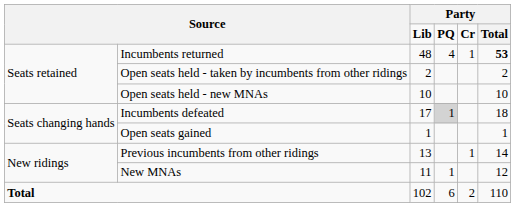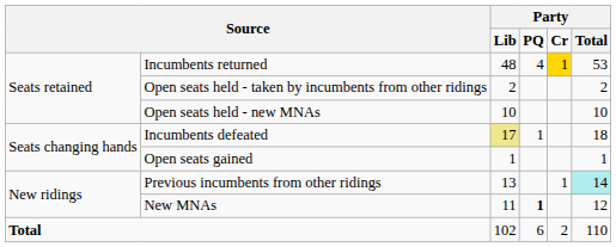 <table class="wikitable" style="text-align:right;">
 <tr>
 <th colspan="2" rowspan="2">Source</th>
 <th colspan="4">Party</th>
 </tr>
 <tr>
 <td><strong>Lib</strong></td>
 <td><strong>PQ</strong></td>
 <td><strong>Cr</strong></td>
 <th>Total</th>
 </tr>
 <tr>
 <td rowspan="3" style="text-align:left;">Seats retained</td>
 <td style="text-align:left;">Incumbents returned</td>
 <td>48</td>
 <td>4</td>
-<td>1</td>
-<td><strong>53</strong></td>
+<td style="background: gold;">1</td>
+<td>53</td>
 </tr>
 <tr>
 <td style="text-align:left;">Open seats held - taken by incumbents from other ridings</td>
 <td>2</td>
 <td></td>
 <td></td>
 <td>2</td>
 </tr>
 <tr>
 <td style="text-align:left;">Open seats held - new MNAs</td>
 <td>10</td>
 <td></td>
 <td></td>
 <td>10</td>
 </tr>
 <tr>
 <td rowspan="2" style="text-align:left;">Seats changing hands</td>
 <td style="text-align:left;">Incumbents defeated</td>
-<td>17</td>
-<td style="background: lightgrey;">1</td>
+<td style="background: khaki;">17</td>
+<td>1</td>
 <td></td>
 <td>18</td>
 </tr>
 <tr>
 <td style="text-align:left;">Open seats gained</td>
 <td>1</td>
 <td></td>
 <td></td>
 <td>1</td>
 </tr>
 <tr>
 <td rowspan="2" style="text-align:left;">New ridings</td>
 <td style="text-align:left;">Previous incumbents from other ridings</td>
 <td>13</td>
 <td></td>
 <td>1</td>
-<td>14</td>
+<td style="background: paleturquoise;">14</td>
 </tr>
 <tr>
 <td style="text-align:left;">New MNAs</td>
 <td>11</td>
-<td>1</td>
+<td><strong>1</strong></td>
 <td></td>
 <td>12</td>
 </tr>
 <tr>
 <td colspan="2" style="text-align:left;"><strong>Total</strong></td>
 <td>102</td>
 <td>6</td>
 <td>2</td>
 <td>110</td>
 </tr>
 </table>
